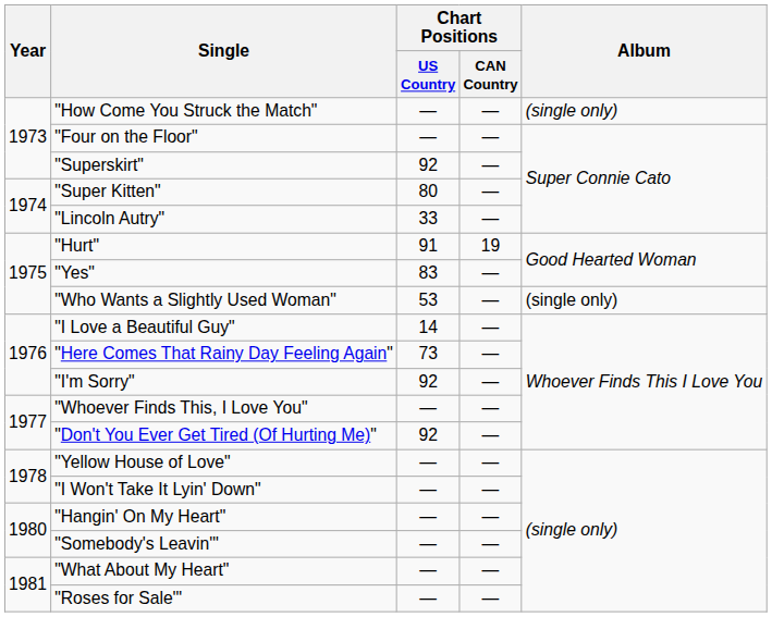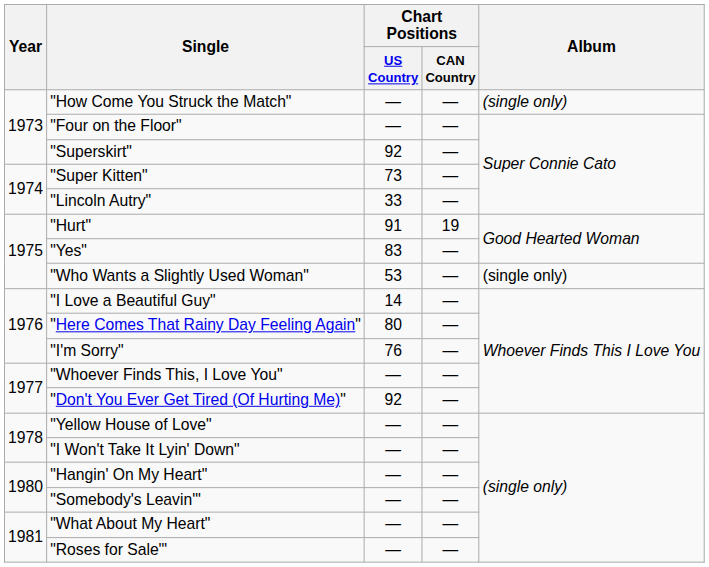 <table class="wikitable">
 <tr>
 <th rowspan="2">Year</th>
 <th rowspan="2">Single</th>
 <th colspan="2">Chart Positions</th>
 <th rowspan="2">Album</th>
 </tr>
 <tr>
 <th width="50"><small><a href='#'>US Country</a></small></th>
 <th width="50"><small>CAN Country</small></th>
 </tr>
 <tr>
 <td rowspan="3">1973</td>
 <td>"How Come You Struck the Match"</td>
 <td align="center">—</td>
 <td align="center">—</td>
 <td><em>(single only)</em></td>
 </tr>
 <tr>
 <td>"Four on the Floor"</td>
 <td align="center">—</td>
 <td align="center">—</td>
 <td rowspan="4"><em>Super Connie Cato</em></td>
 </tr>
 <tr>
 <td>"Superskirt"</td>
 <td align="center">92</td>
 <td align="center">—</td>
 </tr>
 <tr>
 <td rowspan="2">1974</td>
 <td>"Super Kitten"</td>
-<td align="center">80</td>
+<td align="center">73</td>
 <td align="center">—</td>
 </tr>
 <tr>
 <td>"Lincoln Autry"</td>
 <td align="center">33</td>
 <td align="center">—</td>
 </tr>
 <tr>
 <td rowspan="3">1975</td>
 <td>"Hurt"</td>
 <td align="center">91</td>
 <td align="center">19</td>
 <td rowspan="2"><em>Good Hearted Woman</em></td>
 </tr>
 <tr>
 <td>"Yes"</td>
 <td align="center">83</td>
 <td align="center">—</td>
 </tr>
 <tr>
 <td>"Who Wants a Slightly Used Woman"</td>
 <td align="center">53</td>
 <td align="center">—</td>
 <td>(single only)</td>
 </tr>
 <tr>
 <td rowspan="3">1976</td>
 <td>"I Love a Beautiful Guy"</td>
 <td align="center">14</td>
 <td align="center">—</td>
 <td rowspan="5"><em>Whoever Finds This I Love You</em></td>
 </tr>
 <tr>
 <td>"<a href='#'>Here Comes That Rainy Day Feeling Again</a>"</td>
-<td align="center">73</td>
+<td align="center">80</td>
 <td align="center">—</td>
 </tr>
 <tr>
 <td>"I'm Sorry"</td>
-<td align="center">92</td>
+<td align="center">76</td>
 <td align="center">—</td>
 </tr>
 <tr>
 <td rowspan="2">1977</td>
 <td>"Whoever Finds This, I Love You"</td>
 <td align="center">—</td>
 <td align="center">—</td>
 </tr>
 <tr>
 <td>"<a href='#'>Don't You Ever Get Tired (Of Hurting Me)</a>"</td>
 <td align="center">92</td>
 <td align="center">—</td>
 </tr>
 <tr>
 <td rowspan="2">1978</td>
 <td>"Yellow House of Love"</td>
 <td align="center">—</td>
 <td align="center">—</td>
 <td rowspan="6"><em>(single only)</em></td>
 </tr>
 <tr>
 <td>"I Won't Take It Lyin' Down"</td>
 <td align="center">—</td>
 <td align="center">—</td>
 </tr>
 <tr>
 <td rowspan="2">1980</td>
 <td>"Hangin' On My Heart"</td>
 <td align="center">—</td>
 <td align="center">—</td>
 </tr>
 <tr>
 <td>"Somebody's Leavin'"</td>
 <td align="center">—</td>
 <td align="center">—</td>
 </tr>
 <tr>
 <td rowspan="2">1981</td>
 <td>"What About My Heart"</td>
 <td align="center">—</td>
 <td align="center">—</td>
 </tr>
 <tr>
 <td>"Roses for Sale'"</td>
 <td align="center">—</td>
 <td align="center">—</td>
 </tr>
 </table>
